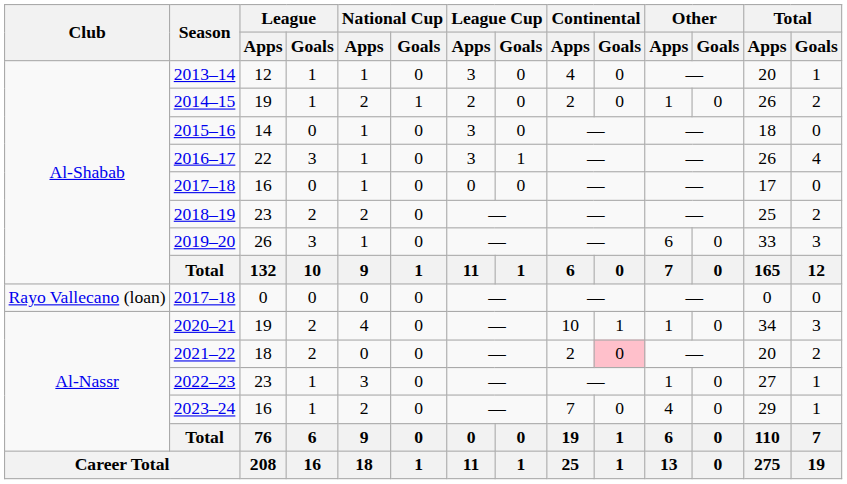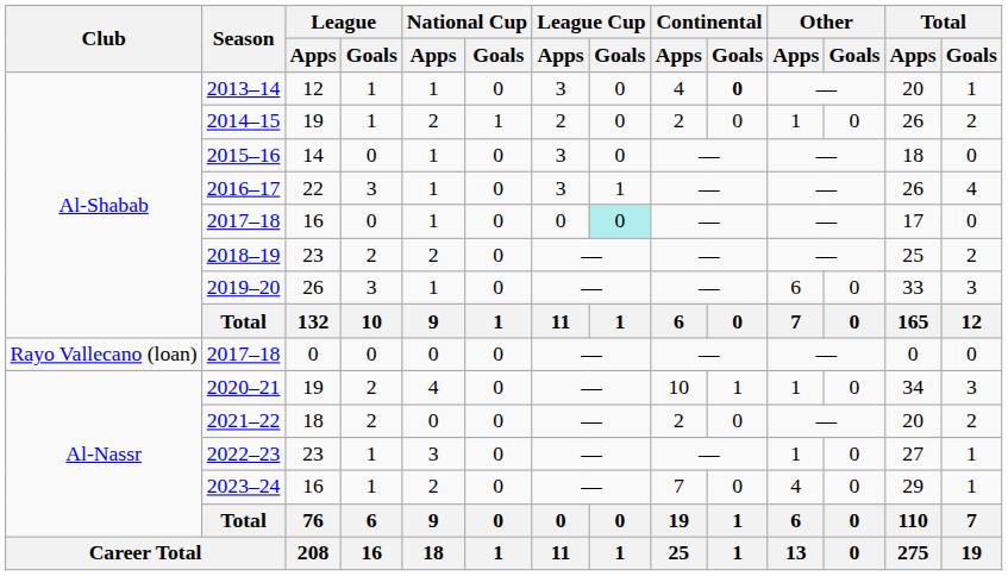 <table class="wikitable" style="text-align: center;">
 <tr>
 <th rowspan="2">Club</th>
 <th rowspan="2">Season</th>
 <th colspan="2">League</th>
 <th colspan="2">National Cup</th>
 <th colspan="2">League Cup</th>
 <th colspan="2">Continental</th>
 <th colspan="2">Other</th>
 <th colspan="2">Total</th>
 </tr>
 <tr>
 <th>Apps</th>
 <th>Goals</th>
 <th>Apps</th>
 <th>Goals</th>
 <th>Apps</th>
 <th>Goals</th>
 <th>Apps</th>
 <th>Goals</th>
 <th>Apps</th>
 <th>Goals</th>
 <th>Apps</th>
 <th>Goals</th>
 </tr>
 <tr>
 <td rowspan="8"><a href='#'>Al-Shabab</a></td>
 <td><a href='#'>2013–14</a></td>
 <td>12</td>
 <td>1</td>
 <td>1</td>
 <td>0</td>
 <td>3</td>
 <td>0</td>
 <td>4</td>
-<td>0</td>
+<td><strong>0</strong></td>
 <td colspan="2">—</td>
 <td>20</td>
 <td>1</td>
 </tr>
 <tr>
 <td><a href='#'>2014–15</a></td>
 <td>19</td>
 <td>1</td>
 <td>2</td>
 <td>1</td>
 <td>2</td>
 <td>0</td>
 <td>2</td>
 <td>0</td>
 <td>1</td>
 <td>0</td>
 <td>26</td>
 <td>2</td>
 </tr>
 <tr>
 <td><a href='#'>2015–16</a></td>
 <td>14</td>
 <td>0</td>
 <td>1</td>
 <td>0</td>
 <td>3</td>
 <td>0</td>
 <td colspan="2">—</td>
 <td colspan="2">—</td>
 <td>18</td>
 <td>0</td>
 </tr>
 <tr>
 <td><a href='#'>2016–17</a></td>
 <td>22</td>
 <td>3</td>
 <td>1</td>
 <td>0</td>
 <td>3</td>
 <td>1</td>
 <td colspan="2">—</td>
 <td colspan="2">—</td>
 <td>26</td>
 <td>4</td>
 </tr>
 <tr>
 <td><a href='#'>2017–18</a></td>
 <td>16</td>
 <td>0</td>
 <td>1</td>
 <td>0</td>
 <td>0</td>
-<td>0</td>
+<td style="background: paleturquoise;">0</td>
 <td colspan="2">—</td>
 <td colspan="2">—</td>
 <td>17</td>
 <td>0</td>
 </tr>
 <tr>
 <td><a href='#'>2018–19</a></td>
 <td>23</td>
 <td>2</td>
 <td>2</td>
 <td>0</td>
 <td colspan="2">—</td>
 <td colspan="2">—</td>
 <td colspan="2">—</td>
 <td>25</td>
 <td>2</td>
 </tr>
 <tr>
 <td><a href='#'>2019–20</a></td>
 <td>26</td>
 <td>3</td>
 <td>1</td>
 <td>0</td>
 <td colspan="2">—</td>
 <td colspan="2">—</td>
 <td>6</td>
 <td>0</td>
 <td>33</td>
 <td>3</td>
 </tr>
 <tr>
 <th>Total</th>
 <th>132</th>
 <th>10</th>
 <th>9</th>
 <th>1</th>
 <th>11</th>
 <th>1</th>
 <th>6</th>
 <th>0</th>
 <th>7</th>
 <th>0</th>
 <th>165</th>
 <th>12</th>
 </tr>
 <tr>
 <td rowspan="1"><a href='#'>Rayo Vallecano</a> (loan)</td>
 <td><a href='#'>2017–18</a></td>
 <td>0</td>
 <td>0</td>
 <td>0</td>
 <td>0</td>
 <td colspan="2">—</td>
 <td colspan="2">—</td>
 <td colspan="2">—</td>
 <td>0</td>
 <td>0</td>
 </tr>
 <tr>
 <td rowspan=5><a href='#'>Al-Nassr</a></td>
 <td><a href='#'>2020–21</a></td>
 <td>19</td>
 <td>2</td>
 <td>4</td>
 <td>0</td>
 <td colspan=2>—</td>
 <td>10</td>
 <td>1</td>
 <td>1</td>
 <td>0</td>
 <td>34</td>
 <td>3</td>
 </tr>
 <tr>
 <td><a href='#'>2021–22</a></td>
 <td>18</td>
 <td>2</td>
 <td>0</td>
 <td>0</td>
 <td colspan=2>—</td>
 <td>2</td>
-<td style="background: pink;">0</td>
+<td>0</td>
 <td colspan=2>—</td>
 <td>20</td>
 <td>2</td>
 </tr>
 <tr>
 <td><a href='#'>2022–23</a></td>
 <td>23</td>
 <td>1</td>
 <td>3</td>
 <td>0</td>
 <td colspan=2>—</td>
 <td colspan=2>—</td>
 <td>1</td>
 <td>0</td>
 <td>27</td>
 <td>1</td>
 </tr>
 <tr>
 <td><a href='#'>2023–24</a></td>
 <td>16</td>
 <td>1</td>
 <td>2</td>
 <td>0</td>
 <td colspan=2>—</td>
 <td>7</td>
 <td>0</td>
 <td>4</td>
 <td>0</td>
 <td>29</td>
 <td>1</td>
 </tr>
 <tr>
 <th>Total</th>
 <th>76</th>
 <th>6</th>
 <th>9</th>
 <th>0</th>
 <th>0</th>
 <th>0</th>
 <th>19</th>
 <th>1</th>
 <th>6</th>
 <th>0</th>
 <th>110</th>
 <th>7</th>
 </tr>
 <tr>
 <th colspan="2">Career Total</th>
 <th>208</th>
 <th>16</th>
 <th>18</th>
 <th>1</th>
 <th>11</th>
 <th>1</th>
 <th>25</th>
 <th>1</th>
 <th>13</th>
 <th>0</th>
 <th>275</th>
 <th>19</th>
 </tr>
 </table>
